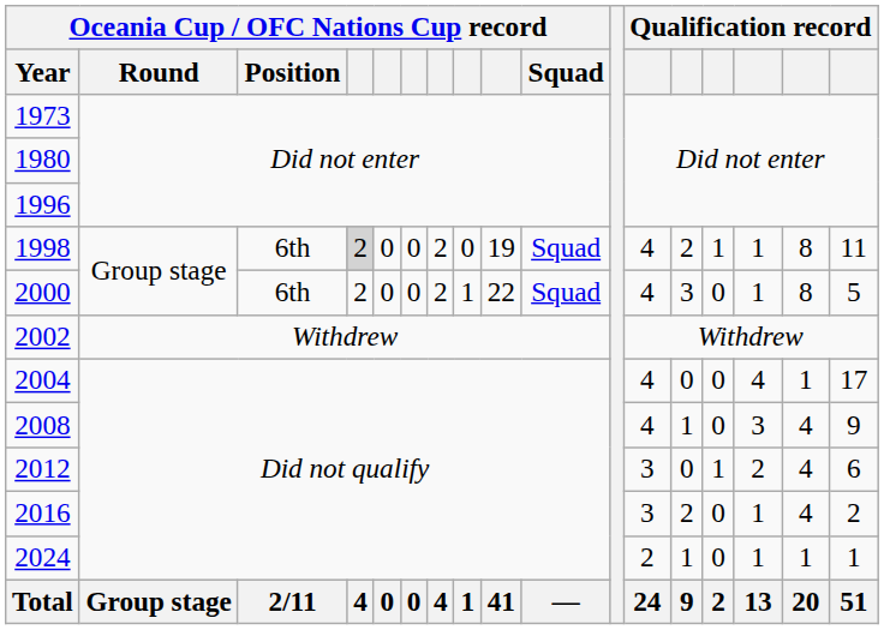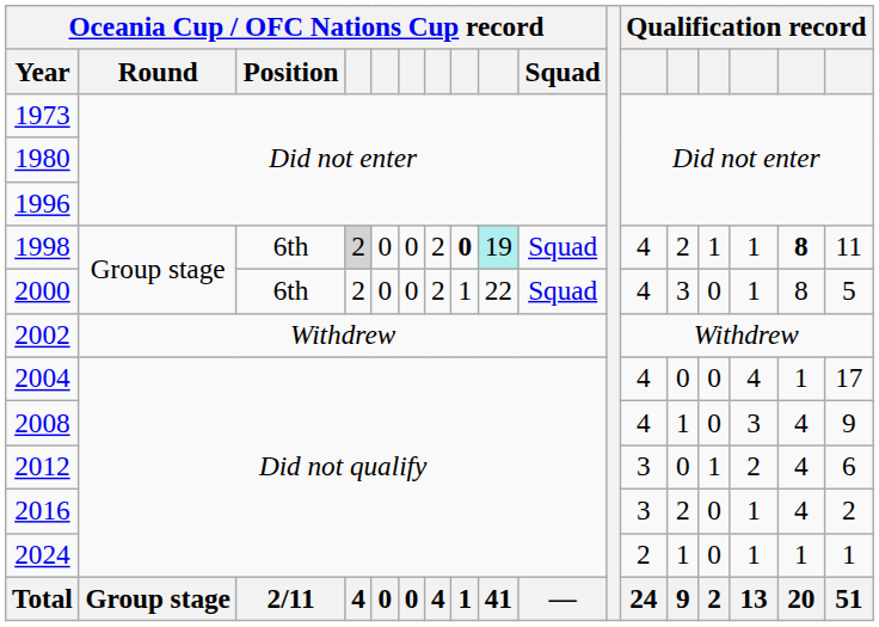 <table class="wikitable" style="text-align: center;">
 <tr>
 <th colspan=10><a href='#'>Oceania Cup / OFC Nations Cup</a> record</th>
 <th rowspan=39></th>
 <th colspan=6>Qualification record</th>
 </tr>
 <tr>
 <th>Year</th>
 <th>Round</th>
 <th>Position</th>
 <th></th>
 <th></th>
 <th></th>
 <th></th>
 <th></th>
 <th></th>
 <th>Squad</th>
 <th></th>
 <th></th>
 <th></th>
 <th></th>
 <th></th>
 <th></th>
 </tr>
 <tr>
 <td> <a href='#'>1973</a></td>
 <td colspan=9 rowspan=3><em>Did not enter</em></td>
 <td colspan=6 rowspan=3><em>Did not enter</em></td>
 </tr>
 <tr>
 <td> <a href='#'>1980</a></td>
 </tr>
 <tr>
 <td> <a href='#'>1996</a></td>
 </tr>
 <tr>
 <td> <a href='#'>1998</a></td>
 <td rowspan=2>Group stage</td>
 <td>6th</td>
 <td style="background: lightgrey;">2</td>
 <td>0</td>
 <td>0</td>
 <td>2</td>
-<td>0</td>
-<td>19</td>
+<td><strong>0</strong></td>
+<td style="background: paleturquoise;">19</td>
 <td><a href='#'>Squad</a></td>
 <td>4</td>
 <td>2</td>
 <td>1</td>
 <td>1</td>
-<td>8</td>
+<td><strong>8</strong></td>
 <td>11</td>
 </tr>
 <tr>
 <td> <a href='#'>2000</a></td>
 <td>6th</td>
 <td>2</td>
 <td>0</td>
 <td>0</td>
 <td>2</td>
 <td>1</td>
 <td>22</td>
 <td><a href='#'>Squad</a></td>
 <td>4</td>
 <td>3</td>
 <td>0</td>
 <td>1</td>
 <td>8</td>
 <td>5</td>
 </tr>
 <tr>
 <td> <a href='#'>2002</a></td>
 <td colspan=9><em>Withdrew</em></td>
 <td colspan=6><em>Withdrew</em></td>
 </tr>
 <tr>
 <td> <a href='#'>2004</a></td>
 <td colspan=9 rowspan=5><em>Did not qualify</em></td>
 <td>4</td>
 <td>0</td>
 <td>0</td>
 <td>4</td>
 <td>1</td>
 <td>17</td>
 </tr>
 <tr>
 <td> <a href='#'>2008</a></td>
 <td>4</td>
 <td>1</td>
 <td>0</td>
 <td>3</td>
 <td>4</td>
 <td>9</td>
 </tr>
 <tr>
 <td> <a href='#'>2012</a></td>
 <td>3</td>
 <td>0</td>
 <td>1</td>
 <td>2</td>
 <td>4</td>
 <td>6</td>
 </tr>
 <tr>
 <td> <a href='#'>2016</a></td>
 <td>3</td>
 <td>2</td>
 <td>0</td>
 <td>1</td>
 <td>4</td>
 <td>2</td>
 </tr>
 <tr>
 <td>  <a href='#'>2024</a></td>
 <td>2</td>
 <td>1</td>
 <td>0</td>
 <td>1</td>
 <td>1</td>
 <td>1</td>
 </tr>
 <tr>
 <th><strong>Total</strong></th>
 <th><strong>Group stage</strong></th>
 <th><strong>2/11</strong></th>
 <th><strong>4</strong></th>
 <th><strong>0</strong></th>
 <th><strong>0</strong></th>
 <th><strong>4</strong></th>
 <th><strong>1</strong></th>
 <th><strong>41</strong></th>
 <th>—</th>
 <th>24</th>
 <th>9</th>
 <th>2</th>
 <th>13</th>
 <th>20</th>
 <th>51</th>
 </tr>
 </table>
